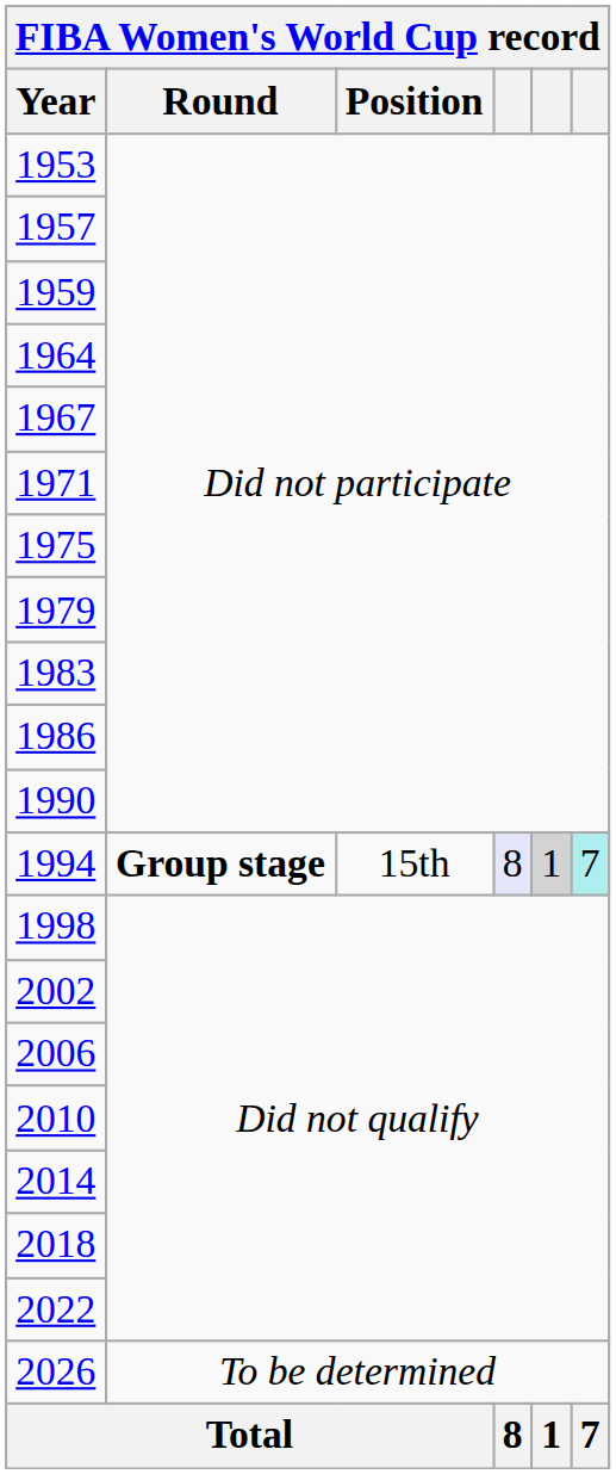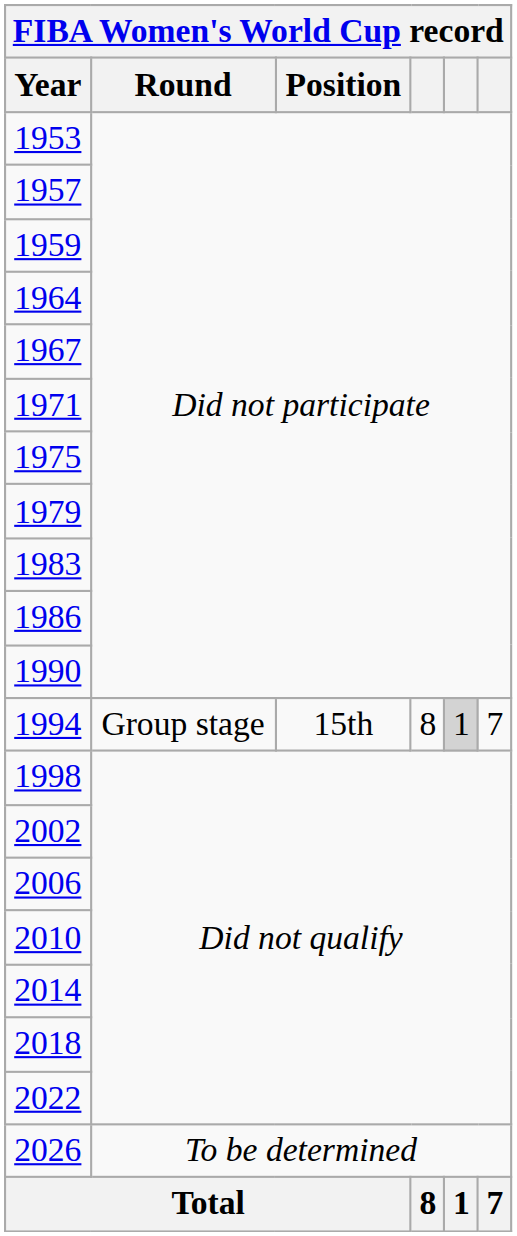 <table class="wikitable" style="text-align: center;">
 <tr>
 <th colspan=10><a href='#'>FIBA Women's World Cup</a> record</th>
 </tr>
 <tr>
 <th>Year</th>
 <th>Round</th>
 <th>Position</th>
 <th></th>
 <th></th>
 <th></th>
 </tr>
 <tr>
 <td> <a href='#'>1953</a></td>
 <td colspan=6 rowspan=11><em>Did not participate</em></td>
 </tr>
 <tr>
 <td> <a href='#'>1957</a></td>
 </tr>
 <tr>
 <td> <a href='#'>1959</a></td>
 </tr>
 <tr>
 <td> <a href='#'>1964</a></td>
 </tr>
 <tr>
 <td> <a href='#'>1967</a></td>
 </tr>
 <tr>
 <td> <a href='#'>1971</a></td>
 </tr>
 <tr>
 <td> <a href='#'>1975</a></td>
 </tr>
 <tr>
 <td> <a href='#'>1979</a></td>
 </tr>
 <tr>
 <td> <a href='#'>1983</a></td>
 </tr>
 <tr>
 <td> <a href='#'>1986</a></td>
 </tr>
 <tr>
 <td> <a href='#'>1990</a></td>
 </tr>
 <tr>
 <td> <a href='#'>1994</a></td>
-<td><strong>Group stage</strong></td>
+<td>Group stage</td>
 <td>15th</td>
-<td style="background: lavender;">8</td>
+<td>8</td>
 <td style="background: lightgrey;">1</td>
-<td style="background: paleturquoise;">7</td>
+<td>7</td>
 </tr>
 <tr>
 <td> <a href='#'>1998</a></td>
 <td colspan=6 rowspan=7><em>Did not qualify</em></td>
 </tr>
 <tr>
 <td> <a href='#'>2002</a></td>
 </tr>
 <tr>
 <td> <a href='#'>2006</a></td>
 </tr>
 <tr>
 <td> <a href='#'>2010</a></td>
 </tr>
 <tr>
 <td> <a href='#'>2014</a></td>
 </tr>
 <tr>
 <td> <a href='#'>2018</a></td>
 </tr>
 <tr>
 <td> <a href='#'>2022</a></td>
 </tr>
 <tr>
 <td> <a href='#'>2026</a></td>
 <td colspan=6><em>To be determined</em></td>
 </tr>
 <tr>
 <th colspan=3>Total</th>
 <th>8</th>
 <th>1</th>
 <th>7</th>
 </tr>
 </table>
